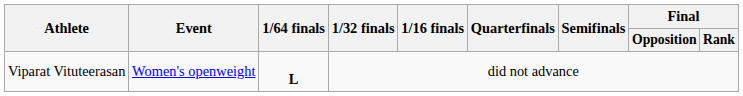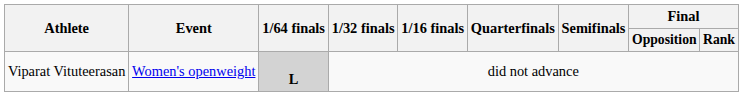 <table class="wikitable" style="font-size:90%">
 <tr>
 <th rowspan=2>Athlete</th>
 <th rowspan=2>Event</th>
 <th rowspan=2>1/64 finals</th>
 <th rowspan=2>1/32 finals</th>
 <th rowspan=2>1/16 finals</th>
 <th rowspan=2>Quarterfinals</th>
 <th rowspan=2>Semifinals</th>
 <th colspan=2>Final</th>
 </tr>
 <tr style="font-size:95%">
 <th>Opposition</th>
 <th>Rank</th>
 </tr>
 <tr align=center>
 <td align=left>Viparat Vituteerasan</td>
 <td align=left rowspan=6><a href='#'>Women's openweight</a></td>
-<td><br> <strong>L</strong></td>
+<td style="background: lightgrey;"><br> <strong>L</strong></td>
 <td colspan=6>did not advance</td>
 </tr>
 </table>
